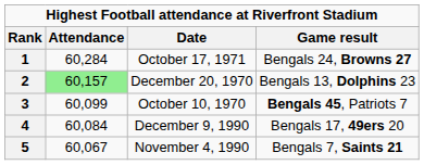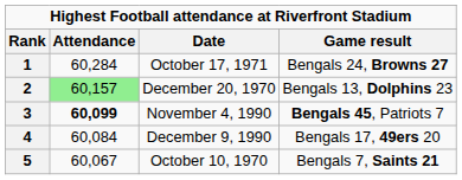 <table class="wikitable" style="text-align:center">
 <tr>
 <td colspan="4"><strong>Highest Football attendance at Riverfront Stadium</strong></td>
 </tr>
 <tr>
 <th>Rank</th>
 <th>Attendance</th>
 <th>Date</th>
 <th>Game result</th>
 </tr>
 <tr>
 <th>1</th>
 <td>60,284</td>
 <td>October 17, 1971</td>
 <td>Bengals 24, <strong>Browns 27</strong></td>
 </tr>
 <tr>
 <th>2</th>
 <td style="background: lightgreen;">60,157</td>
 <td>December 20, 1970</td>
 <td>Bengals 13, <strong>Dolphins</strong> 23</td>
 </tr>
 <tr>
 <th>3</th>
-<td>60,099</td>
-<td>October 10, 1970</td>
+<td><strong>60,099</strong></td>
+<td>November 4, 1990</td>
 <td><strong>Bengals 45</strong>, Patriots 7</td>
 </tr>
 <tr>
 <th>4</th>
 <td>60,084</td>
 <td>December 9, 1990</td>
 <td>Bengals 17, <strong>49ers</strong> 20</td>
 </tr>
 <tr>
 <th>5</th>
 <td>60,067</td>
-<td>November 4, 1990</td>
+<td>October 10, 1970</td>
 <td>Bengals 7, <strong>Saints 21</strong></td>
 </tr>
 </table>
